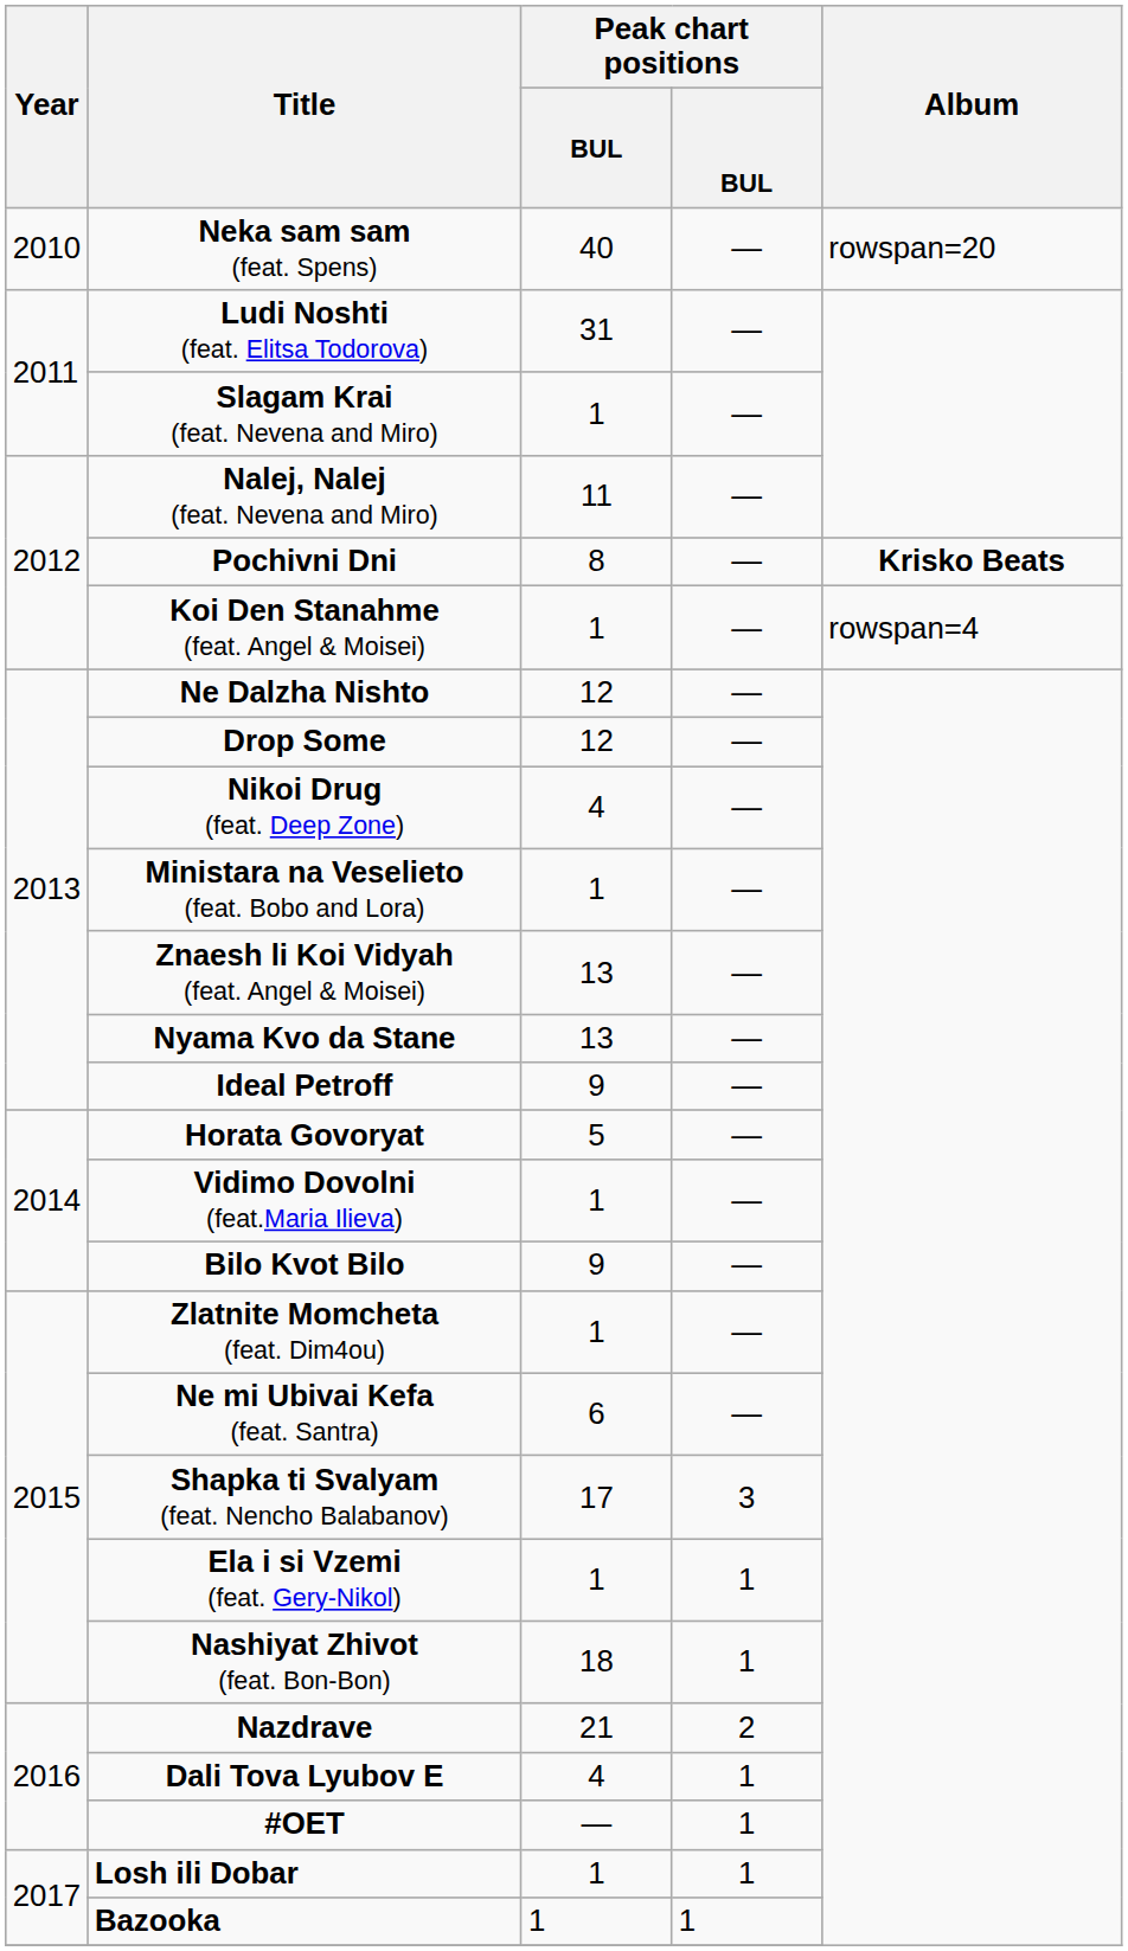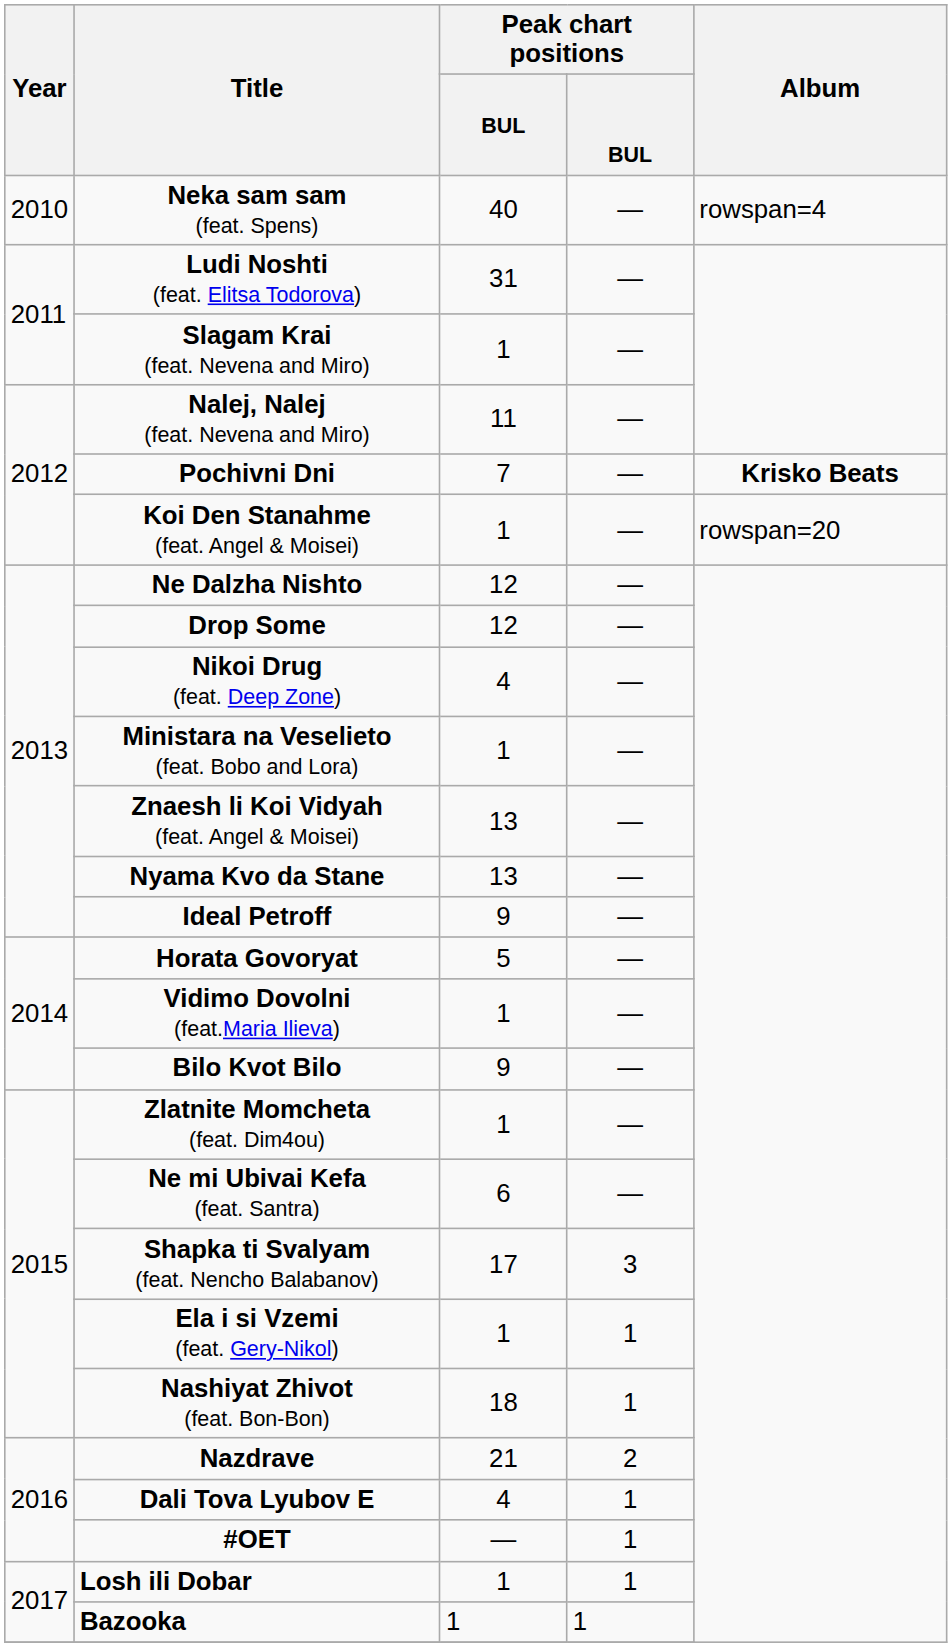 <table class="wikitable">
 <tr>
 <th rowspan="2" width="35px">Year</th>
 <th rowspan="2" width="220px">Title</th>
 <th colspan="2" width="150px">Peak chart positions</th>
 <th rowspan="2" width="150px">Album</th>
 </tr>
 <tr>
 <th width=25><small>BUL</small><br></th>
 <th style="padding-top:40px; width:25px;"><small>BUL</small><br></th>
 </tr>
 <tr>
 <td rowspan="1">2010</td>
 <td align="center"><strong>Neka sam sam</strong> <br><small>(feat. Spens)</small></td>
 <td align="center">40</td>
 <td align="center">—</td>
-<td>rowspan=20 </td>
+<td>rowspan=4 </td>
 </tr>
 <tr>
 <td rowspan="2">2011</td>
 <td align="center"><strong>Ludi Noshti</strong> <br><small>(feat. <a href='#'>Elitsa Todorova</a>)</small></td>
 <td align="center">31</td>
 <td align="center">—</td>
 </tr>
 <tr>
 <td align="center"><strong>Slagam Krai</strong> <br><small>(feat. Nevena and Miro)</small></td>
 <td align="center">1</td>
 <td align="center">—</td>
 </tr>
 <tr>
 <td rowspan="3">2012</td>
 <td align="center"><strong>Nalej, Nalej</strong> <br><small>(feat. Nevena and Miro)</small></td>
 <td align="center">11</td>
 <td align="center">—</td>
 </tr>
 <tr>
 <td align="center"><strong>Pochivni Dni</strong></td>
-<td align="center">8</td>
+<td align="center">7</td>
 <td align="center">—</td>
 <td align="center" rowspan="1"><strong>Krisko Beats</strong></td>
 </tr>
 <tr>
 <td align="center"><strong>Koi Den Stanahme</strong> <br><small>(feat. Angel & Moisei)</small></td>
 <td align="center">1</td>
 <td align="center">—</td>
-<td>rowspan=4 </td>
+<td>rowspan=20 </td>
 </tr>
 <tr>
 <td rowspan="7">2013</td>
 <td align="center"><strong>Ne Dalzha Nishto</strong></td>
 <td align="center">12</td>
 <td align="center">—</td>
 </tr>
 <tr>
 <td align="center"><strong>Drop Some</strong></td>
 <td align="center">12</td>
 <td align="center">—</td>
 </tr>
 <tr>
 <td align="center"><strong>Nikoi Drug</strong> <br><small>(feat. <a href='#'>Deep Zone</a>)</small></td>
 <td align="center">4</td>
 <td align="center">—</td>
 </tr>
 <tr>
 <td align="center"><strong>Ministara na Veselieto</strong> <br><small>(feat. Bobo and Lora)</small></td>
 <td align="center">1</td>
 <td align="center">—</td>
 </tr>
 <tr>
 <td align="center"><strong>Znaesh li Koi Vidyah</strong> <br><small>(feat. Angel & Moisei)</small></td>
 <td align="center">13</td>
 <td align="center">—</td>
 </tr>
 <tr>
 <td align="center"><strong>Nyama Kvo da Stane</strong></td>
 <td align="center">13</td>
 <td align="center">—</td>
 </tr>
 <tr>
 <td align="center"><strong>Ideal Petroff</strong></td>
 <td align="center">9</td>
 <td align="center">—</td>
 </tr>
 <tr>
 <td rowspan="3">2014</td>
 <td align="center"><strong>Horata Govoryat</strong></td>
 <td align="center">5</td>
 <td align="center">—</td>
 </tr>
 <tr>
 <td align="center"><strong>Vidimo Dovolni</strong> <br><small>(feat.<a href='#'>Maria Ilieva</a>)</small></td>
 <td align="center">1</td>
 <td align="center">—</td>
 </tr>
 <tr>
 <td align="center"><strong>Bilo Kvot Bilo</strong></td>
 <td align="center">9</td>
 <td align="center">—</td>
 </tr>
 <tr>
 <td rowspan="5">2015</td>
 <td align="center"><strong>Zlatnite Momcheta</strong> <br><small>(feat. Dim4ou)</small></td>
 <td align="center">1</td>
 <td align="center">—</td>
 </tr>
 <tr>
 <td align="center"><strong>Ne mi Ubivai Kefa</strong>  <br><small>(feat. Santra)</small></td>
 <td align="center">6</td>
 <td align="center">—</td>
 </tr>
 <tr>
 <td align="center"><strong>Shapka ti Svalyam</strong> <br><small>(feat. Nencho Balabanov)</small></td>
 <td align="center">17</td>
 <td align="center">3</td>
 </tr>
 <tr>
 <td align="center"><strong>Ela i si Vzemi</strong> <br><small>(feat. <a href='#'>Gery-Nikol</a>)</small></td>
 <td align="center">1</td>
 <td align="center">1</td>
 </tr>
 <tr>
 <td align="center"><strong>Nashiyat Zhivot</strong> <br><small>(feat. Bon-Bon)</small></td>
 <td align="center">18</td>
 <td align="center">1</td>
 </tr>
 <tr>
 <td rowspan="3">2016</td>
 <td align="center"><strong>Nazdrave</strong></td>
 <td align="center">21</td>
 <td align="center">2</td>
 </tr>
 <tr>
 <td align="center"><strong>Dali Tova Lyubov E</strong></td>
 <td align="center">4</td>
 <td align="center">1</td>
 </tr>
 <tr>
 <td align="center"><strong>#OET</strong></td>
 <td align="center">—</td>
 <td align="center">1</td>
 </tr>
 <tr>
 <td rowspan="2" align="center">2017</td>
 <td><strong>Losh ili Dobar</strong></td>
 <td align="center">1</td>
 <td align="center">1</td>
 </tr>
 <tr>
 <td><strong>Bazooka</strong></td>
 <td>1</td>
 <td>1</td>
 </tr>
 <tr align center 1 Gorila feat. 2BONI>
 </tr>
 </table>
